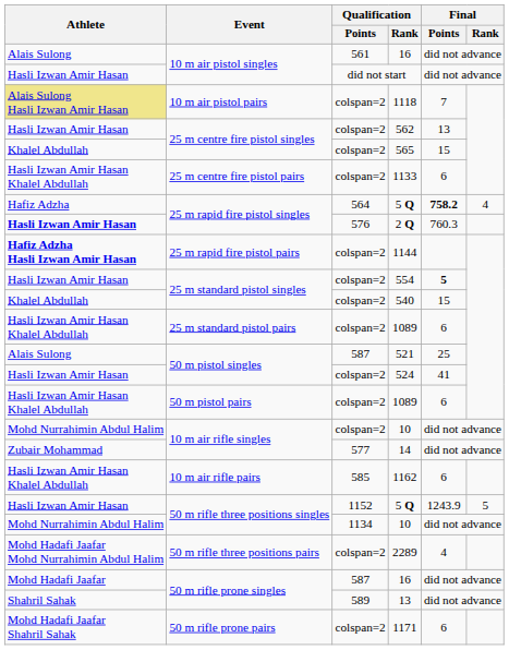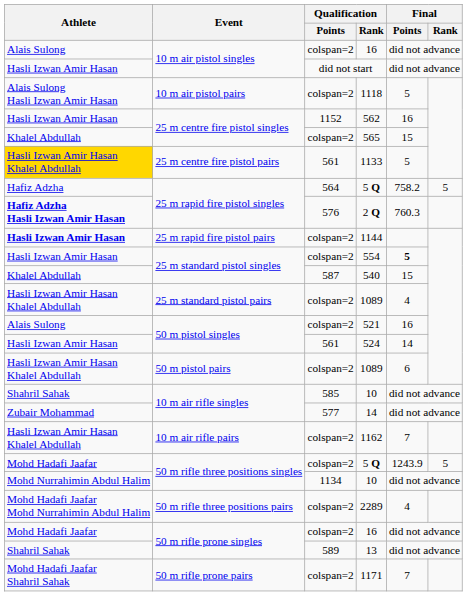 <table class="wikitable" style="font-size:90%;">
 <tr>
 <th rowspan=2>Athlete</th>
 <th rowspan=2>Event</th>
 <th colspan=2>Qualification</th>
 <th colspan=2>Final</th>
 </tr>
 <tr style="font-size:95%">
 <th>Points</th>
 <th>Rank</th>
 <th>Points</th>
 <th>Rank</th>
 </tr>
 <tr align=center>
 <td align=left><a href='#'>Alais Sulong</a></td>
 <td align=left rowspan=2><a href='#'>10 m air pistol singles</a></td>
-<td>561</td>
+<td>colspan=2 </td>
 <td>16</td>
 <td colspan=2>did not advance</td>
 </tr>
 <tr align=center>
 <td align=left><a href='#'>Hasli Izwan Amir Hasan</a></td>
 <td colspan=2>did not start</td>
 <td colspan=2>did not advance</td>
 </tr>
 <tr align=center>
-<td align=left style="background: khaki;"><a href='#'>Alais Sulong</a><br><a href='#'>Hasli Izwan Amir Hasan</a></td>
+<td align=left><a href='#'>Alais Sulong</a><br><a href='#'>Hasli Izwan Amir Hasan</a></td>
 <td align=left><a href='#'>10 m air pistol pairs</a></td>
 <td>colspan=2 </td>
 <td>1118</td>
-<td>7</td>
+<td>5</td>
 </tr>
 <tr align=center>
 <td align=left><a href='#'>Hasli Izwan Amir Hasan</a></td>
 <td align=left rowspan=2><a href='#'>25 m centre fire pistol singles</a></td>
-<td>colspan=2 </td>
+<td>1152</td>
 <td>562</td>
-<td>13</td>
+<td>16</td>
 </tr>
 <tr align=center>
 <td align=left><a href='#'>Khalel Abdullah</a></td>
 <td>colspan=2 </td>
 <td>565</td>
 <td>15</td>
 </tr>
 <tr align=center>
-<td align=left><a href='#'>Hasli Izwan Amir Hasan</a><br><a href='#'>Khalel Abdullah</a></td>
+<td align=left style="background: gold;"><a href='#'>Hasli Izwan Amir Hasan</a><br><a href='#'>Khalel Abdullah</a></td>
 <td align=left><a href='#'>25 m centre fire pistol pairs</a></td>
-<td>colspan=2 </td>
+<td>561</td>
 <td>1133</td>
-<td>6</td>
+<td>5</td>
 </tr>
 <tr align=center>
 <td align=left><a href='#'>Hafiz Adzha</a></td>
 <td align=left rowspan=2><a href='#'>25 m rapid fire pistol singles</a></td>
 <td>564</td>
 <td>5 <strong>Q</strong></td>
-<td><strong>758.2</strong></td>
-<td>4</td>
+<td>758.2</td>
+<td>5</td>
 </tr>
 <tr align=center>
-<td align=left><strong><a href='#'>Hasli Izwan Amir Hasan</a></strong></td>
+<td align=left><strong><a href='#'>Hafiz Adzha</a><br><a href='#'>Hasli Izwan Amir Hasan</a></strong></td>
 <td>576</td>
 <td>2 <strong>Q</strong></td>
 <td>760.3</td>
 <td></td>
 </tr>
 <tr align=center>
-<td align=left><strong><a href='#'>Hafiz Adzha</a><br><a href='#'>Hasli Izwan Amir Hasan</a></strong></td>
+<td align=left><strong><a href='#'>Hasli Izwan Amir Hasan</a></strong></td>
 <td align=left><a href='#'>25 m rapid fire pistol pairs</a></td>
 <td>colspan=2 </td>
 <td>1144</td>
 <td></td>
 </tr>
 <tr align=center>
 <td align=left><a href='#'>Hasli Izwan Amir Hasan</a></td>
 <td align=left rowspan=2><a href='#'>25 m standard pistol singles</a></td>
 <td>colspan=2 </td>
 <td>554</td>
 <td><strong>5</strong></td>
 </tr>
 <tr align=center>
 <td align=left><a href='#'>Khalel Abdullah</a></td>
-<td>colspan=2 </td>
+<td>587</td>
 <td>540</td>
 <td>15</td>
 </tr>
 <tr align=center>
 <td align=left><a href='#'>Hasli Izwan Amir Hasan</a><br><a href='#'>Khalel Abdullah</a></td>
 <td align=left><a href='#'>25 m standard pistol pairs</a></td>
 <td>colspan=2 </td>
 <td>1089</td>
-<td>6</td>
+<td>4</td>
 </tr>
 <tr align=center>
 <td align=left><a href='#'>Alais Sulong</a></td>
 <td align=left rowspan=2><a href='#'>50 m pistol singles</a></td>
-<td>587</td>
+<td>colspan=2 </td>
 <td>521</td>
-<td>25</td>
+<td>16</td>
 </tr>
 <tr align=center>
 <td align=left><a href='#'>Hasli Izwan Amir Hasan</a></td>
-<td>colspan=2 </td>
+<td>561</td>
 <td>524</td>
-<td>41</td>
+<td>14</td>
 </tr>
 <tr align=center>
 <td align=left><a href='#'>Hasli Izwan Amir Hasan</a><br><a href='#'>Khalel Abdullah</a></td>
 <td align=left><a href='#'>50 m pistol pairs</a></td>
 <td>colspan=2 </td>
 <td>1089</td>
 <td>6</td>
 </tr>
 <tr align=center>
-<td align=left><a href='#'>Mohd Nurrahimin Abdul Halim</a></td>
+<td align=left><a href='#'>Shahril Sahak</a></td>
 <td align=left rowspan=2><a href='#'>10 m air rifle singles</a></td>
-<td>colspan=2 </td>
+<td>585</td>
 <td>10</td>
 <td colspan=2>did not advance</td>
 </tr>
 <tr align=center>
 <td align=left><a href='#'>Zubair Mohammad</a></td>
 <td>577</td>
 <td>14</td>
 <td colspan=2>did not advance</td>
 </tr>
 <tr align=center>
 <td align=left><a href='#'>Hasli Izwan Amir Hasan</a><br><a href='#'>Khalel Abdullah</a></td>
 <td align=left><a href='#'>10 m air rifle pairs</a></td>
-<td>585</td>
+<td>colspan=2 </td>
 <td>1162</td>
-<td>6</td>
+<td>7</td>
 </tr>
 <tr align=center>
-<td align=left><a href='#'>Hasli Izwan Amir Hasan</a></td>
+<td align=left><a href='#'>Mohd Hadafi Jaafar</a></td>
 <td align=left rowspan=2><a href='#'>50 m rifle three positions singles</a></td>
-<td>1152</td>
+<td>colspan=2 </td>
 <td>5 <strong>Q</strong></td>
 <td>1243.9</td>
 <td>5</td>
 </tr>
 <tr align=center>
 <td align=left><a href='#'>Mohd Nurrahimin Abdul Halim</a></td>
 <td>1134</td>
 <td>10</td>
 <td colspan=2>did not advance</td>
 </tr>
 <tr align=center>
 <td align=left><a href='#'>Mohd Hadafi Jaafar</a><br><a href='#'>Mohd Nurrahimin Abdul Halim</a></td>
 <td align=left><a href='#'>50 m rifle three positions pairs</a></td>
 <td>colspan=2 </td>
 <td>2289</td>
 <td>4</td>
 </tr>
 <tr align=center>
 <td align=left><a href='#'>Mohd Hadafi Jaafar</a></td>
 <td align=left rowspan=2><a href='#'>50 m rifle prone singles</a></td>
-<td>587</td>
+<td>colspan=2 </td>
 <td>16</td>
 <td colspan=2>did not advance</td>
 </tr>
 <tr align=center>
 <td align=left><a href='#'>Shahril Sahak</a></td>
 <td>589</td>
 <td>13</td>
 <td colspan=2>did not advance</td>
 </tr>
 <tr align=center>
 <td align=left><a href='#'>Mohd Hadafi Jaafar</a><br><a href='#'>Shahril Sahak</a></td>
 <td align=left><a href='#'>50 m rifle prone pairs</a></td>
 <td>colspan=2 </td>
 <td>1171</td>
-<td>6</td>
+<td>7</td>
 </tr>
 </table>
